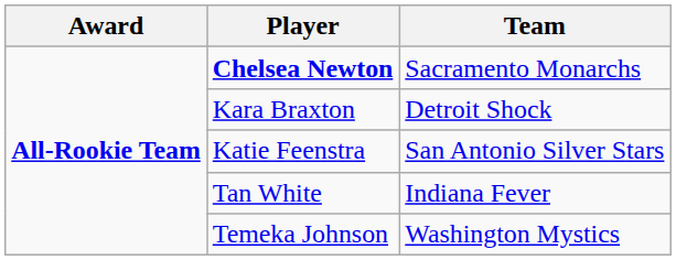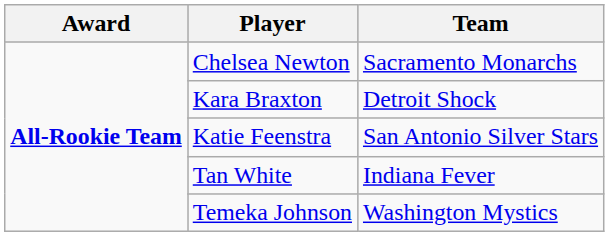 <table class="wikitable">
 <tr>
 <th colspan=2>Award</th>
 <th>Player</th>
 <th>Team</th>
 </tr>
 <tr>
 <td rowspan=5 colspan=2><a href='#'><strong>All-Rookie Team</strong></a></td>
-<td><strong><a href='#'>Chelsea Newton</a></strong></td>
+<td><a href='#'>Chelsea Newton</a></td>
 <td><a href='#'>Sacramento Monarchs</a></td>
 </tr>
 <tr>
 <td><a href='#'>Kara Braxton</a></td>
 <td><a href='#'>Detroit Shock</a></td>
 </tr>
 <tr>
 <td><a href='#'>Katie Feenstra</a></td>
 <td><a href='#'>San Antonio Silver Stars</a></td>
 </tr>
 <tr>
 <td><a href='#'>Tan White</a></td>
 <td><a href='#'>Indiana Fever</a></td>
 </tr>
 <tr>
 <td><a href='#'>Temeka Johnson</a></td>
 <td><a href='#'>Washington Mystics</a></td>
 </tr>
 </table>
